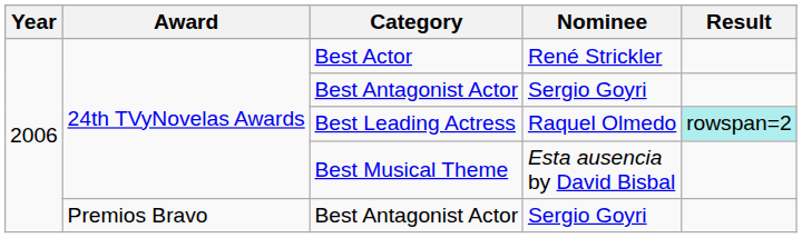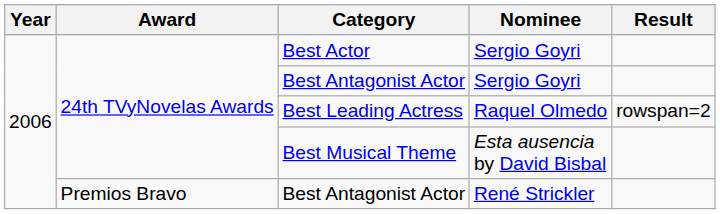 <table class="wikitable">
 <tr style="background:#b0c4de;">
 <th>Year</th>
 <th>Award</th>
 <th>Category</th>
 <th>Nominee</th>
 <th>Result</th>
 </tr>
 <tr>
 <td rowspan=5>2006</td>
 <td rowspan=4><a href='#'>24th TVyNovelas Awards</a></td>
 <td><a href='#'>Best Actor</a></td>
-<td><a href='#'>René Strickler</a></td>
+<td><a href='#'>Sergio Goyri</a></td>
 <td></td>
 </tr>
 <tr>
 <td><a href='#'>Best Antagonist Actor</a></td>
 <td><a href='#'>Sergio Goyri</a></td>
 <td></td>
 </tr>
 <tr>
 <td><a href='#'>Best Leading Actress</a></td>
 <td><a href='#'>Raquel Olmedo</a></td>
-<td style="background: paleturquoise;">rowspan=2 </td>
+<td>rowspan=2 </td>
 </tr>
 <tr>
 <td><a href='#'>Best Musical Theme</a></td>
 <td><em>Esta ausencia</em><br>by <a href='#'>David Bisbal</a></td>
 </tr>
 <tr>
 <td>Premios Bravo</td>
 <td>Best Antagonist Actor</td>
-<td><a href='#'>Sergio Goyri</a></td>
+<td><a href='#'>René Strickler</a></td>
 <td></td>
 </tr>
 </table>
